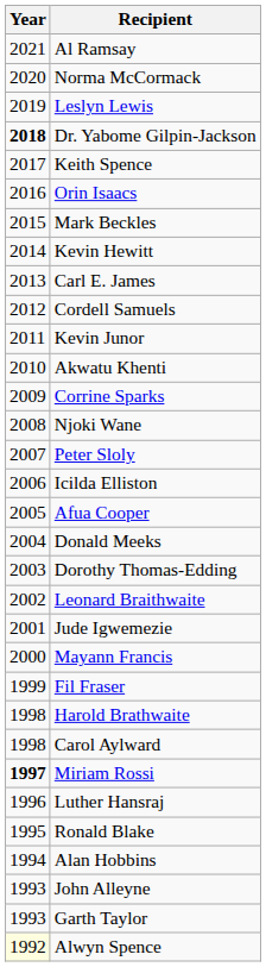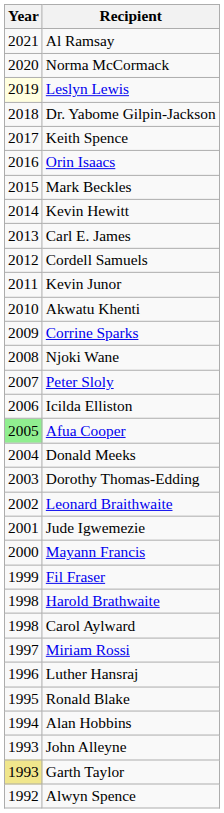 <table class="wikitable sortable">
 <tr>
 <th>Year</th>
 <th>Recipient</th>
 </tr>
 <tr>
 <td>2021</td>
 <td>Al Ramsay</td>
 </tr>
 <tr>
 <td>2020</td>
 <td>Norma McCormack</td>
 </tr>
 <tr>
-<td>2019</td>
+<td style="background: lightyellow;">2019</td>
 <td><a href='#'>Leslyn Lewis</a></td>
 </tr>
 <tr>
-<td><strong>2018</strong></td>
+<td>2018</td>
 <td>Dr. Yabome Gilpin-Jackson</td>
 </tr>
 <tr>
 <td>2017</td>
 <td>Keith Spence</td>
 </tr>
 <tr>
 <td>2016</td>
 <td><a href='#'>Orin Isaacs</a></td>
 </tr>
 <tr>
 <td>2015</td>
 <td>Mark Beckles</td>
 </tr>
 <tr>
 <td>2014</td>
 <td>Kevin Hewitt</td>
 </tr>
 <tr>
 <td>2013</td>
 <td>Carl E. James</td>
 </tr>
 <tr>
 <td>2012</td>
 <td>Cordell Samuels</td>
 </tr>
 <tr>
 <td>2011</td>
 <td>Kevin Junor</td>
 </tr>
 <tr>
 <td>2010</td>
 <td>Akwatu Khenti</td>
 </tr>
 <tr>
 <td>2009</td>
 <td><a href='#'>Corrine Sparks</a></td>
 </tr>
 <tr>
 <td>2008</td>
 <td>Njoki Wane</td>
 </tr>
 <tr>
 <td>2007</td>
 <td><a href='#'>Peter Sloly</a></td>
 </tr>
 <tr>
 <td>2006</td>
 <td>Icilda Elliston</td>
 </tr>
 <tr>
-<td>2005</td>
+<td style="background: lightgreen;">2005</td>
 <td><a href='#'>Afua Cooper</a></td>
 </tr>
 <tr>
 <td>2004</td>
 <td>Donald Meeks</td>
 </tr>
 <tr>
 <td>2003</td>
 <td>Dorothy Thomas-Edding</td>
 </tr>
 <tr>
 <td>2002</td>
 <td><a href='#'>Leonard Braithwaite</a></td>
 </tr>
 <tr>
 <td>2001</td>
 <td>Jude Igwemezie</td>
 </tr>
 <tr>
 <td>2000</td>
 <td><a href='#'>Mayann Francis</a></td>
 </tr>
 <tr>
 <td>1999</td>
 <td><a href='#'>Fil Fraser</a></td>
 </tr>
 <tr>
 <td>1998</td>
 <td><a href='#'>Harold Brathwaite</a></td>
 </tr>
 <tr>
 <td>1998</td>
 <td>Carol Aylward</td>
 </tr>
 <tr>
-<td><strong>1997</strong></td>
+<td>1997</td>
 <td><a href='#'>Miriam Rossi</a></td>
 </tr>
 <tr>
 <td>1996</td>
 <td>Luther Hansraj</td>
 </tr>
 <tr>
 <td>1995</td>
 <td>Ronald Blake</td>
 </tr>
 <tr>
 <td>1994</td>
 <td>Alan Hobbins</td>
 </tr>
 <tr>
 <td>1993</td>
 <td>John Alleyne</td>
 </tr>
 <tr>
-<td>1993</td>
+<td style="background: khaki;">1993</td>
 <td>Garth Taylor</td>
 </tr>
 <tr>
-<td style="background: lightyellow;">1992</td>
+<td>1992</td>
 <td>Alwyn Spence</td>
 </tr>
 </table>
